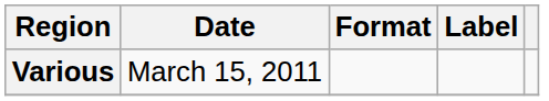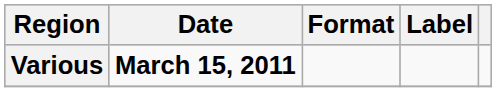 <table class="wikitable plainrowheaders">
 <tr>
 <th scope="col">Region</th>
 <th scope="col">Date</th>
 <th scope="col">Format</th>
 <th scope="col">Label</th>
 <th scope="col"></th>
 </tr>
 <tr>
 <th scope="row">Various</th>
-<td>March 15, 2011</td>
+<td><strong>March 15, 2011</strong></td>
 <td></td>
 <td></td>
 <td style="text-align:center;"></td>
 </tr>
 <tr>
 </tr>
 </table>
